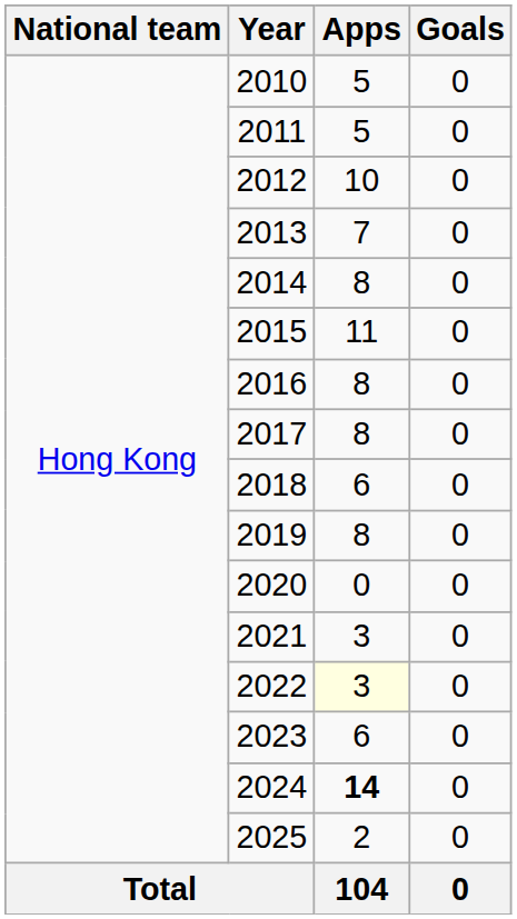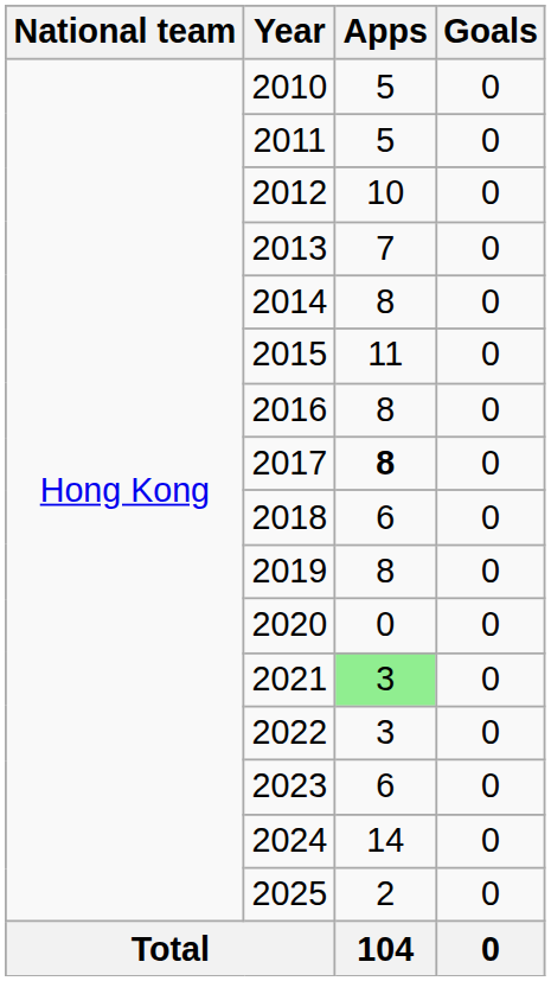 <table class="wikitable" style="text-align:center">
 <tr>
 <th>National team</th>
 <th>Year</th>
 <th>Apps</th>
 <th>Goals</th>
 </tr>
 <tr>
 <td rowspan="16"><a href='#'>Hong Kong</a></td>
 <td>2010</td>
 <td>5</td>
 <td>0</td>
 </tr>
 <tr>
 <td>2011</td>
 <td>5</td>
 <td>0</td>
 </tr>
 <tr>
 <td>2012</td>
 <td>10</td>
 <td>0</td>
 </tr>
 <tr>
 <td>2013</td>
 <td>7</td>
 <td>0</td>
 </tr>
 <tr>
 <td>2014</td>
 <td>8</td>
 <td>0</td>
 </tr>
 <tr>
 <td>2015</td>
 <td>11</td>
 <td>0</td>
 </tr>
 <tr>
 <td>2016</td>
 <td>8</td>
 <td>0</td>
 </tr>
 <tr>
 <td>2017</td>
-<td>8</td>
+<td><strong>8</strong></td>
 <td>0</td>
 </tr>
 <tr>
 <td>2018</td>
 <td>6</td>
 <td>0</td>
 </tr>
 <tr>
 <td>2019</td>
 <td>8</td>
 <td>0</td>
 </tr>
 <tr>
 <td>2020</td>
 <td>0</td>
 <td>0</td>
 </tr>
 <tr>
 <td>2021</td>
-<td>3</td>
+<td style="background: lightgreen;">3</td>
 <td>0</td>
 </tr>
 <tr>
 <td>2022</td>
-<td style="background: lightyellow;">3</td>
+<td>3</td>
 <td>0</td>
 </tr>
 <tr>
 <td>2023</td>
 <td>6</td>
 <td>0</td>
 </tr>
 <tr>
 <td>2024</td>
-<td><strong>14</strong></td>
+<td>14</td>
 <td>0</td>
 </tr>
 <tr>
 <td>2025</td>
 <td>2</td>
 <td>0</td>
 </tr>
 <tr>
 <th colspan="2">Total</th>
 <th>104</th>
 <th>0</th>
 </tr>
 </table>
